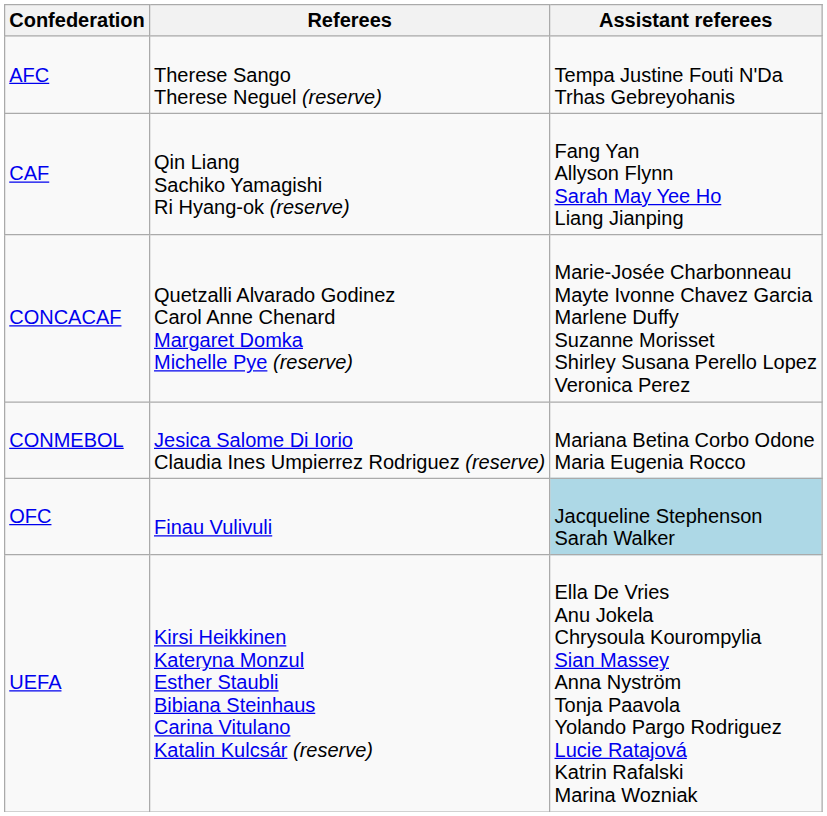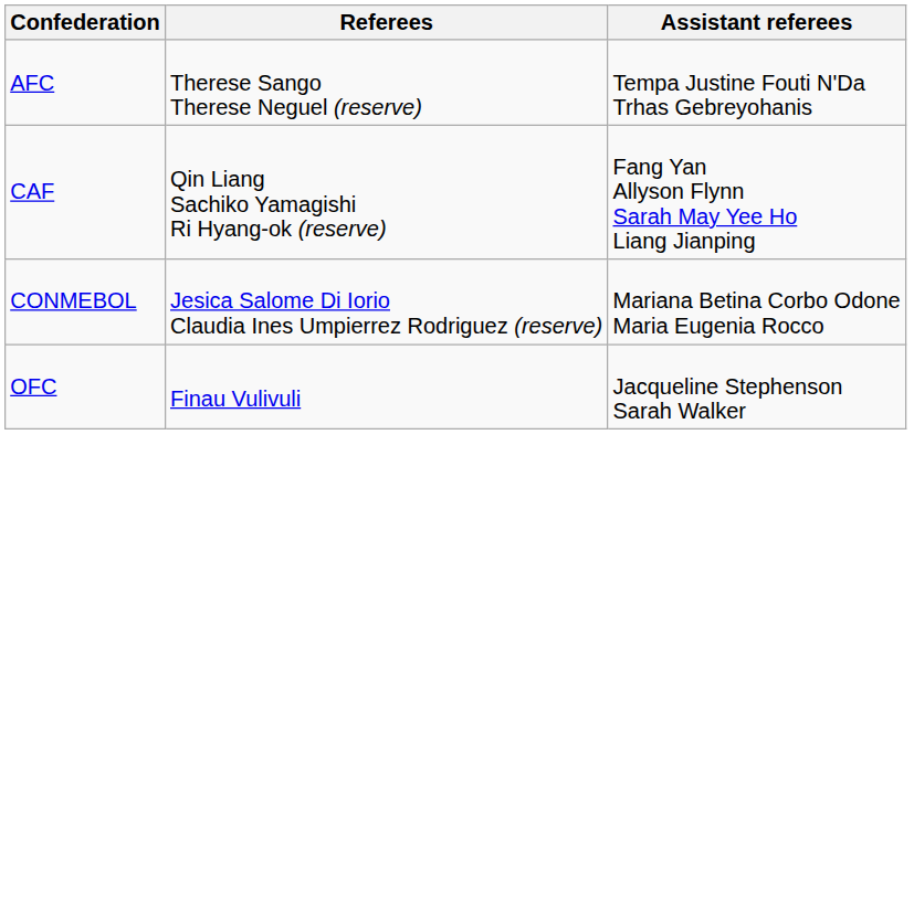 <table class="wikitable">
 <tr>
 <th>Confederation</th>
 <th>Referees</th>
 <th>Assistant referees</th>
 </tr>
 <tr>
 <td><a href='#'>AFC</a></td>
 <td><br> Therese Sango<br>  Therese Neguel <em>(reserve)</em></td>
 <td><br> Tempa Justine Fouti N'Da<br>  Trhas Gebreyohanis</td>
 </tr>
 <tr>
 <td><a href='#'>CAF</a></td>
 <td><br> Qin Liang<br>  Sachiko Yamagishi<br>  Ri Hyang-ok <em>(reserve)</em></td>
 <td><br> Fang Yan<br>  Allyson Flynn<br>  <a href='#'>Sarah May Yee Ho</a><br>  Liang Jianping</td>
 </tr>
 <tr>
-<td><a href='#'>CONCACAF</a></td>
-<td><br> Quetzalli Alvarado Godinez<br>  Carol Anne Chenard<br>  <a href='#'>Margaret Domka</a><br>  <a href='#'>Michelle Pye</a> <em>(reserve)</em></td>
-<td><br> Marie-Josée Charbonneau<br>  Mayte Ivonne Chavez Garcia<br>  Marlene Duffy<br>  Suzanne Morisset<br>  Shirley Susana Perello Lopez<br>  Veronica Perez</td>
-</tr>
-<tr>
 <td><a href='#'>CONMEBOL</a></td>
 <td><br> <a href='#'>Jesica Salome Di Iorio</a><br>  Claudia Ines Umpierrez Rodriguez <em>(reserve)</em></td>
 <td><br> Mariana Betina Corbo Odone<br>  Maria Eugenia Rocco</td>
 </tr>
 <tr>
 <td><a href='#'>OFC</a></td>
 <td><br> <a href='#'>Finau Vulivuli</a></td>
-<td style="background: lightblue;"><br> Jacqueline Stephenson<br>  Sarah Walker</td>
-</tr>
-<tr>
-<td><a href='#'>UEFA</a></td>
-<td><br> <a href='#'>Kirsi Heikkinen</a><br>  <a href='#'>Kateryna Monzul</a><br>  <a href='#'>Esther Staubli</a><br>  <a href='#'>Bibiana Steinhaus</a><br>  <a href='#'>Carina Vitulano</a><br>  <a href='#'>Katalin Kulcsár</a> <em>(reserve)</em></td>
-<td><br> Ella De Vries<br>  Anu Jokela<br>  Chrysoula Kourompylia<br>  <a href='#'>Sian Massey</a><br>  Anna Nyström<br>  Tonja Paavola<br>  Yolando Pargo Rodriguez<br>  <a href='#'>Lucie Ratajová</a><br>  Katrin Rafalski<br>  Marina Wozniak</td>
+<td><br> Jacqueline Stephenson<br>  Sarah Walker</td>
 </tr>
 </table>
